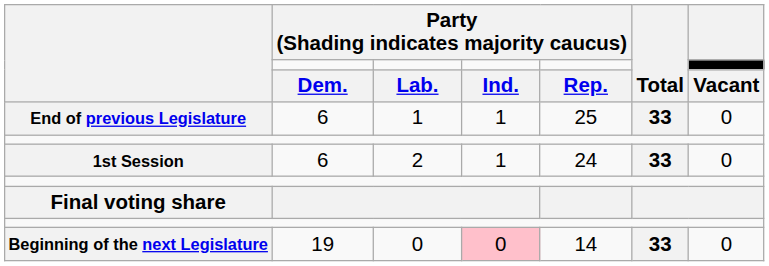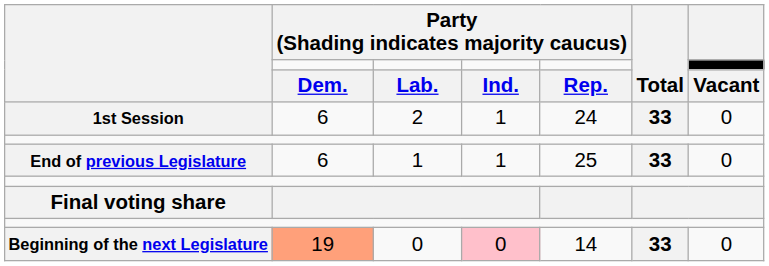 <table class=wikitable style="text-align:center">
 <tr style="vertical-align:bottom;">
 <th rowspan=3></th>
 <th colspan=4>Party <div>(Shading indicates majority caucus)</div></th>
 <th rowspan=3>Total</th>
 <th></th>
 </tr>
 <tr style="height:5px">
 <td style="background-color:"></td>
 <td style="background-color:"></td>
 <td style="background-color:"></td>
 <td style="background-color:"></td>
 <td style="background:black;"></td>
 </tr>
 <tr>
 <th><a href='#'>Dem.</a></th>
 <th><a href='#'>Lab.</a></th>
 <th><a href='#'>Ind.</a></th>
 <th><a href='#'>Rep.</a></th>
 <th>Vacant</th>
 </tr>
 <tr>
-<th style="font-size:80%;">End of <a href='#'>previous Legislature</a></th>
+<th style="font-size:80%;">1st Session</th>
 <td>6</td>
+<td>2</td>
 <td>1</td>
-<td>1</td>
-<td>25</td>
+<td>24</td>
 <th>33</th>
 <td>0</td>
 </tr>
 <tr>
 <td colspan=7></td>
 </tr>
 <tr>
-<th style="font-size:80%;">1st Session</th>
+<th style="font-size:80%;">End of <a href='#'>previous Legislature</a></th>
 <td>6</td>
-<td>2</td>
 <td>1</td>
-<td>24</td>
+<td>1</td>
+<td>25</td>
 <th>33</th>
 <td>0</td>
 </tr>
 <tr>
 <td colspan=7></td>
 </tr>
 <tr>
 <th>Final voting share</th>
 <th colspan="3"></th>
 <th></th>
 <th colspan=2></th>
 </tr>
 <tr>
 <td colspan=7></td>
 </tr>
 <tr>
 <th style="font-size:80%;">Beginning of the <a href='#'>next Legislature</a></th>
-<td>19</td>
+<td style="background: lightsalmon;">19</td>
 <td>0</td>
 <td style="background: pink;">0</td>
 <td>14</td>
 <th>33</th>
 <td>0</td>
 </tr>
 </table>
